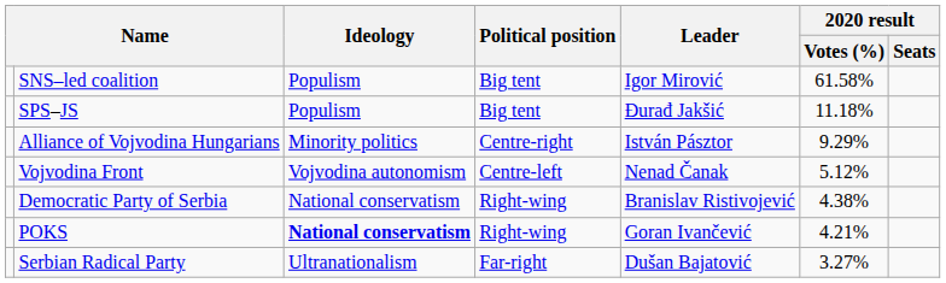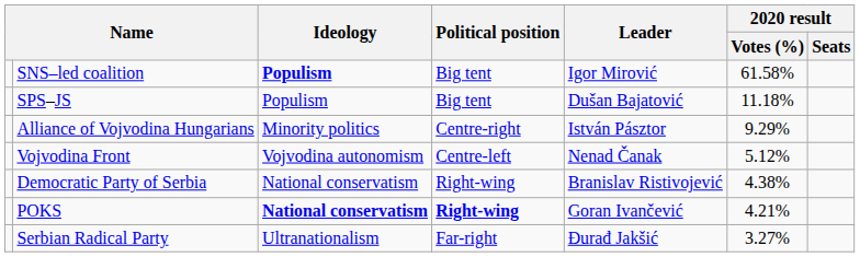 <table class="wikitable" style="text-align:left">
 <tr>
 <th colspan="2" rowspan="2">Name</th>
 <th rowspan="2">Ideology</th>
 <th rowspan="2">Political position</th>
 <th rowspan="2">Leader</th>
 <th colspan="2">2020 result</th>
 </tr>
 <tr>
 <th>Votes (%)</th>
 <th>Seats</th>
 </tr>
 <tr>
 <td style="background:"></td>
 <td><a href='#'>SNS–led coalition</a></td>
-<td><a href='#'>Populism</a></td>
+<td><strong><a href='#'>Populism</a></strong></td>
 <td><a href='#'>Big tent</a></td>
 <td><a href='#'>Igor Mirović</a></td>
 <td style="text-align:center">61.58%</td>
 <td></td>
 </tr>
 <tr>
 <td style="background:"></td>
 <td><a href='#'>SPS</a>–<a href='#'>JS</a></td>
 <td><a href='#'>Populism</a></td>
 <td><a href='#'>Big tent</a></td>
-<td><a href='#'>Đurađ Jakšić</a></td>
+<td><a href='#'>Dušan Bajatović</a></td>
 <td style="text-align:center">11.18%</td>
 <td></td>
 </tr>
 <tr>
 <td style="background:"></td>
 <td><a href='#'>Alliance of Vojvodina Hungarians</a></td>
 <td><a href='#'>Minority politics</a></td>
 <td><a href='#'>Centre-right</a></td>
 <td><a href='#'>István Pásztor</a></td>
 <td style="text-align:center">9.29%</td>
 <td></td>
 </tr>
 <tr>
 <td style="background:"></td>
 <td><a href='#'>Vojvodina Front</a></td>
 <td><a href='#'>Vojvodina autonomism</a></td>
 <td><a href='#'>Centre-left</a></td>
 <td><a href='#'>Nenad Čanak</a></td>
 <td style="text-align:center">5.12%</td>
 <td></td>
 </tr>
 <tr>
 <td style="background:"></td>
 <td><a href='#'>Democratic Party of Serbia</a></td>
 <td><a href='#'>National conservatism</a></td>
 <td><a href='#'>Right-wing</a></td>
 <td><a href='#'>Branislav Ristivojević</a></td>
 <td style="text-align:center">4.38%</td>
 <td></td>
 </tr>
 <tr>
 <td style="background:"></td>
 <td><a href='#'>POKS</a></td>
 <td><strong><a href='#'>National conservatism</a></strong></td>
-<td><a href='#'>Right-wing</a></td>
+<td><strong><a href='#'>Right-wing</a></strong></td>
 <td><a href='#'>Goran Ivančević</a></td>
 <td style="text-align:center">4.21%</td>
 <td></td>
 </tr>
 <tr>
 <td style="background:"></td>
 <td><a href='#'>Serbian Radical Party</a></td>
 <td><a href='#'>Ultranationalism</a></td>
 <td><a href='#'>Far-right</a></td>
-<td><a href='#'>Dušan Bajatović</a></td>
+<td><a href='#'>Đurađ Jakšić</a></td>
 <td style="text-align:center">3.27%</td>
 <td></td>
 </tr>
 </table>
